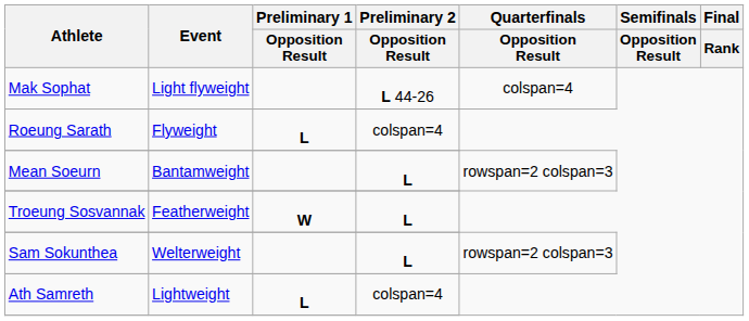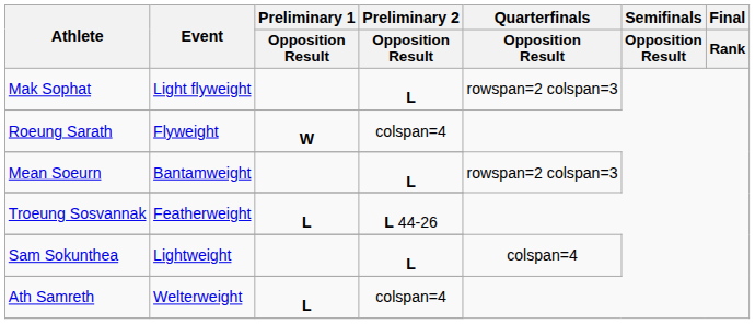 <table class="wikitable" style="font-size:90%">
 <tr>
 <th rowspan=2>Athlete</th>
 <th rowspan=2>Event</th>
 <th>Preliminary 1</th>
 <th>Preliminary 2</th>
 <th>Quarterfinals</th>
 <th>Semifinals</th>
 <th colspan=2>Final</th>
 </tr>
 <tr style="font-size:95%">
 <th>Opposition<br>Result</th>
 <th>Opposition<br>Result</th>
 <th>Opposition<br>Result</th>
 <th>Opposition<br>Result</th>
 <th>Rank</th>
 </tr>
 <tr align=center>
 <td align=left><a href='#'>Mak Sophat</a></td>
 <td align=left><a href='#'>Light flyweight</a></td>
 <td></td>
-<td><br><strong>L</strong> 44-26</td>
-<td>colspan=4 </td>
+<td><br><strong>L</strong> </td>
+<td>rowspan=2 colspan=3 </td>
 </tr>
 <tr>
 </tr>
 <tr align=center>
 <td align=left><a href='#'>Roeung Sarath</a></td>
 <td align=left><a href='#'>Flyweight</a></td>
-<td><br><strong>L</strong> </td>
+<td><br><strong>W</strong> </td>
 <td>colspan=4 </td>
 </tr>
 <tr>
 </tr>
 <tr align=center>
 <td align=left><a href='#'>Mean Soeurn</a></td>
 <td align=left><a href='#'>Bantamweight</a></td>
 <td></td>
 <td><br><strong>L</strong> </td>
 <td>rowspan=2 colspan=3 </td>
 </tr>
 <tr>
 </tr>
 <tr align=center>
 <td align=left><a href='#'>Troeung Sosvannak</a></td>
 <td align=left><a href='#'>Featherweight</a></td>
-<td><br><strong>W</strong> </td>
 <td><br><strong>L</strong> </td>
+<td><br><strong>L</strong> 44-26</td>
 </tr>
 <tr>
 </tr>
 <tr align=center>
 <td align=left><a href='#'>Sam Sokunthea</a></td>
-<td align=left><a href='#'>Welterweight</a></td>
+<td align=left><a href='#'>Lightweight</a></td>
 <td></td>
 <td><br><strong>L</strong> </td>
-<td>rowspan=2 colspan=3 </td>
+<td>colspan=4 </td>
 </tr>
 <tr>
 </tr>
 <tr align=center>
 <td align=left><a href='#'>Ath Samreth</a></td>
-<td align=left><a href='#'>Lightweight</a></td>
+<td align=left><a href='#'>Welterweight</a></td>
 <td><br><strong>L</strong> </td>
 <td>colspan=4 </td>
 </tr>
 <tr>
 </tr>
 </table>
